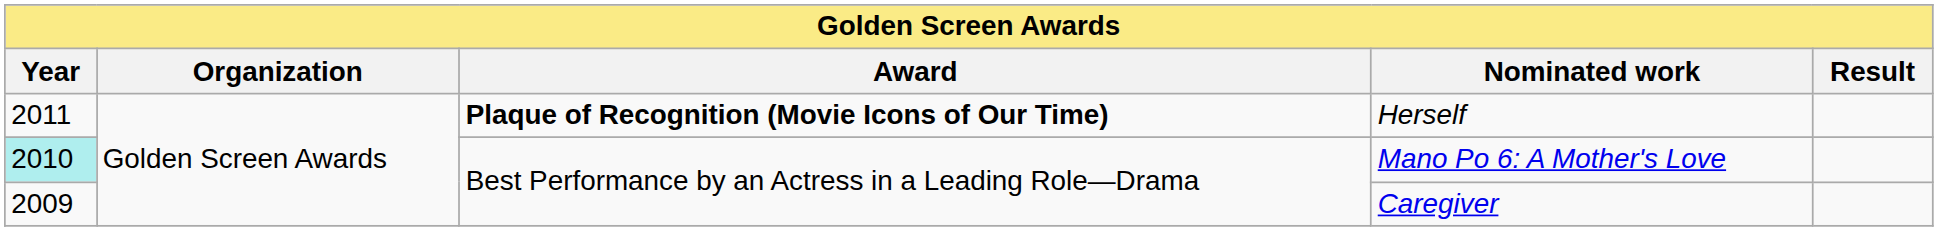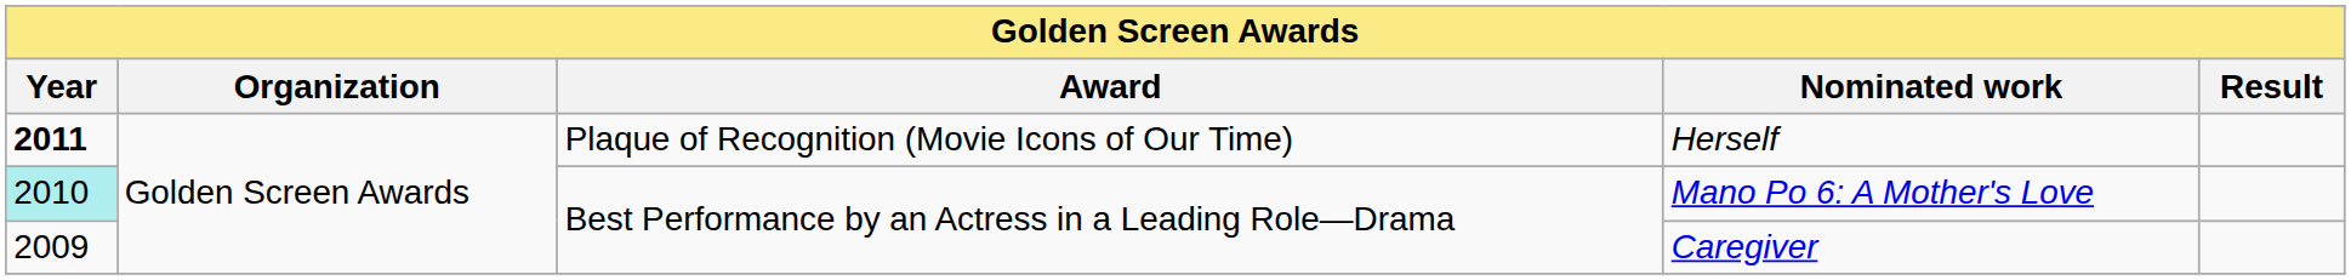 <table width="70%" class="wikitable sortable">
 <tr>
 <th colspan="5" - style="background:#FAEB86;" align="center"><strong>Golden Screen Awards</strong></th>
 </tr>
 <tr>
 <th>Year</th>
 <th>Organization</th>
 <th>Award</th>
 <th>Nominated work</th>
 <th>Result</th>
 </tr>
 <tr>
-<td>2011</td>
+<td><strong>2011</strong></td>
 <td rowspan="3">Golden Screen Awards</td>
-<td><strong>Plaque of Recognition (Movie Icons of Our Time)</strong></td>
+<td>Plaque of Recognition (Movie Icons of Our Time)</td>
 <td><em>Herself</em></td>
 <td></td>
 </tr>
 <tr>
 <td style="background: paleturquoise;">2010</td>
 <td rowspan="2">Best Performance by an Actress in a Leading Role—Drama</td>
 <td><em><a href='#'>Mano Po 6: A Mother's Love</a></em></td>
 <td></td>
 </tr>
 <tr>
 <td>2009</td>
 <td><em><a href='#'>Caregiver</a></em></td>
 <td></td>
 </tr>
 </table>
